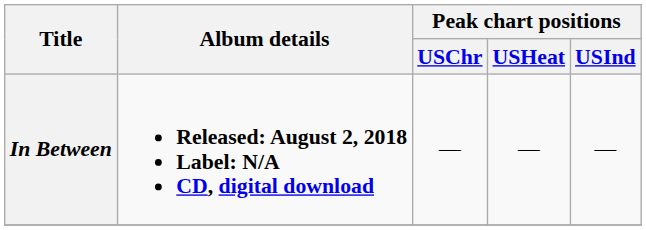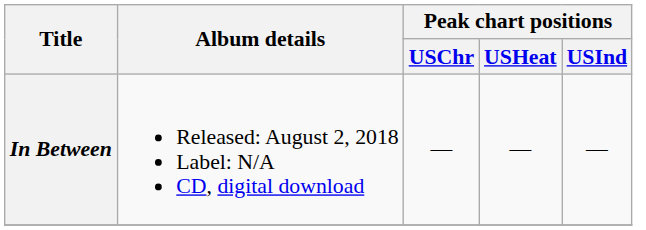 <table class="wikitable">
 <tr>
 <th rowspan="2">Title</th>
 <th rowspan="2">Album details</th>
 <th colspan="3">Peak chart positions</th>
 </tr>
 <tr>
 <th><a href='#'>USChr</a></th>
 <th><a href='#'>USHeat</a></th>
 <th><a href='#'>USInd</a></th>
 </tr>
 <tr>
 <th><em>In Between</em></th>
-<td><strong><br><ul><li>Released: August 2, 2018</li><li>Label: N/A</li><li><a href='#'>CD</a>, <a href='#'>digital download</a></li></ul></strong></td>
+<td><br><ul><li>Released: August 2, 2018</li><li>Label: N/A</li><li><a href='#'>CD</a>, <a href='#'>digital download</a></li></ul></td>
 <td align="center">—</td>
 <td align="center">—</td>
 <td align="center">—</td>
 </tr>
 <tr>
 </tr>
 </table>
